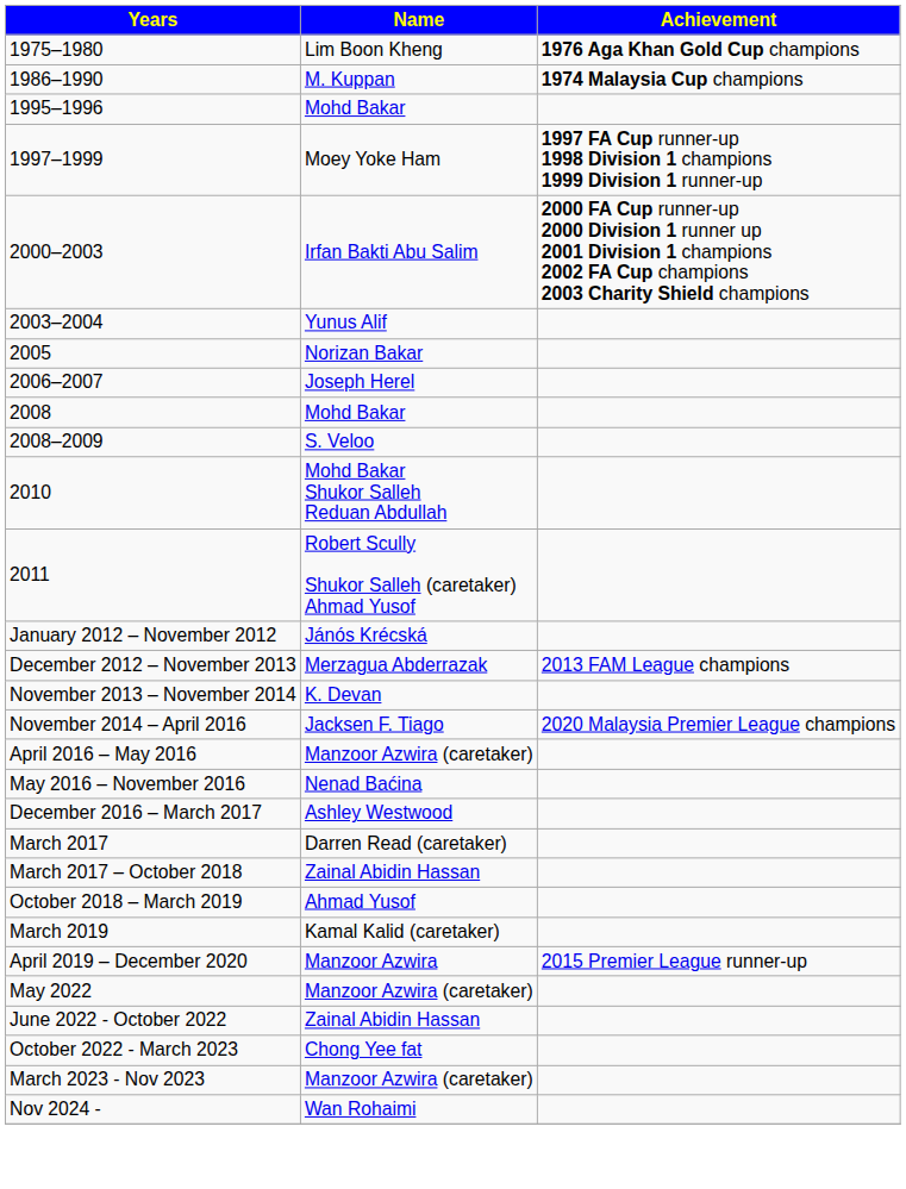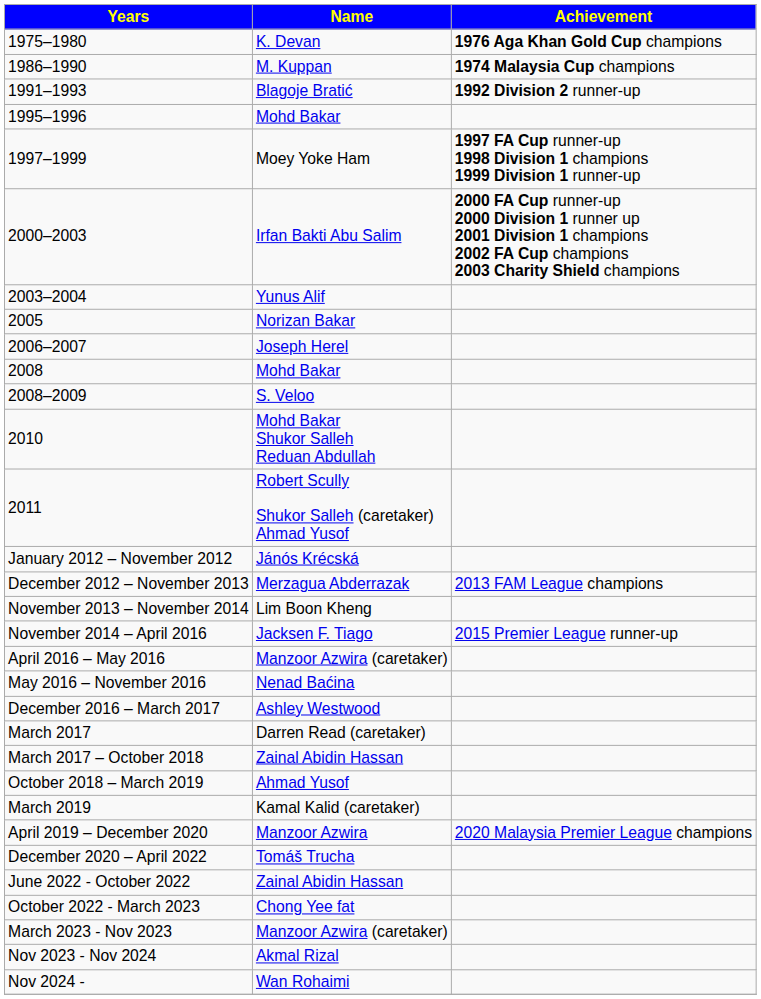 <table class="wikitable">
 <tr>
 <th style="background:blue; color:yellow; text-align:center;">Years</th>
 <th style="background:blue; color:yellow; text-align:center;">Name</th>
 <th style="background:blue; color:yellow; text-align:center;">Achievement</th>
 </tr>
 <tr>
 <td>1975–1980</td>
-<td> Lim Boon Kheng</td>
+<td> <a href='#'>K. Devan</a></td>
 <td><strong>1976 Aga Khan Gold Cup</strong> champions</td>
 </tr>
 <tr>
 <td>1986–1990</td>
 <td> <a href='#'>M. Kuppan</a></td>
 <td><strong>1974 Malaysia Cup</strong> champions</td>
+</tr>
+<tr>
+<td>1991–1993</td>
+<td> <a href='#'>Blagoje Bratić</a></td>
+<td><strong>1992 Division 2</strong> runner-up</td>
 </tr>
 <tr>
 <td>1995–1996</td>
 <td> <a href='#'>Mohd Bakar</a></td>
 <td></td>
 </tr>
 <tr>
 <td>1997–1999</td>
 <td>  Moey Yoke Ham</td>
 <td><strong>1997 FA Cup</strong> runner-up <br> <strong>1998 Division 1</strong> champions <br> <strong>1999 Division 1</strong> runner-up</td>
 </tr>
 <tr>
 <td>2000–2003</td>
 <td> <a href='#'>Irfan Bakti Abu Salim</a></td>
 <td><strong>2000 FA Cup</strong> runner-up <br> <strong>2000 Division 1</strong> runner up <br> <strong>2001 Division 1</strong> champions <br> <strong>2002 FA Cup</strong> champions <br> <strong>2003 Charity Shield</strong> champions</td>
 </tr>
 <tr>
 <td>2003–2004</td>
 <td> <a href='#'>Yunus Alif</a></td>
 <td></td>
 </tr>
 <tr>
 <td>2005</td>
 <td> <a href='#'>Norizan Bakar</a></td>
 <td></td>
 </tr>
 <tr>
 <td>2006–2007</td>
 <td> <a href='#'>Joseph Herel</a></td>
 <td></td>
 </tr>
 <tr>
 <td>2008</td>
 <td> <a href='#'>Mohd Bakar</a></td>
 <td></td>
 </tr>
 <tr>
 <td>2008–2009</td>
 <td> <a href='#'>S. Veloo</a></td>
 <td></td>
 </tr>
 <tr>
 <td>2010</td>
 <td> <a href='#'>Mohd Bakar</a> <br>  <a href='#'>Shukor Salleh</a> <br> <a href='#'>Reduan Abdullah</a></td>
 <td></td>
 </tr>
 <tr>
 <td>2011</td>
 <td> <a href='#'>Robert Scully</a> <br><br> <a href='#'>Shukor Salleh</a> (caretaker) <br>  <a href='#'>Ahmad Yusof</a></td>
 <td></td>
 </tr>
 <tr>
 <td>January 2012 – November 2012</td>
 <td> <a href='#'>Jánós Krécská</a></td>
 <td></td>
 </tr>
 <tr>
 <td>December 2012 – November 2013</td>
 <td> <a href='#'>Merzagua Abderrazak</a></td>
 <td><a href='#'>2013 FAM League</a> champions</td>
 </tr>
 <tr>
 <td>November 2013 – November 2014</td>
-<td> <a href='#'>K. Devan</a></td>
+<td> Lim Boon Kheng</td>
 <td></td>
 </tr>
 <tr>
 <td>November 2014 – April 2016</td>
 <td> <a href='#'>Jacksen F. Tiago</a></td>
-<td><a href='#'>2020 Malaysia Premier League</a> champions</td>
+<td><a href='#'>2015 Premier League</a> runner-up</td>
 </tr>
 <tr>
 <td>April 2016 – May 2016</td>
 <td>  <a href='#'>Manzoor Azwira</a>  (caretaker)</td>
 <td></td>
 </tr>
 <tr>
 <td>May 2016 – November 2016</td>
 <td> <a href='#'>Nenad Baćina</a></td>
 <td></td>
 </tr>
 <tr>
 <td>December 2016 – March 2017</td>
 <td> <a href='#'>Ashley Westwood</a></td>
 <td></td>
 </tr>
 <tr>
 <td>March 2017</td>
 <td> Darren Read (caretaker)</td>
 <td></td>
 </tr>
 <tr>
 <td>March 2017 – October 2018</td>
 <td> <a href='#'>Zainal Abidin Hassan</a></td>
 <td></td>
 </tr>
 <tr>
 <td>October 2018 – March 2019</td>
 <td> <a href='#'>Ahmad Yusof</a></td>
 <td></td>
 </tr>
 <tr>
 <td>March 2019</td>
 <td> Kamal Kalid (caretaker)</td>
 <td></td>
 </tr>
 <tr>
 <td>April 2019 – December 2020</td>
 <td>  <a href='#'>Manzoor Azwira</a></td>
-<td><a href='#'>2015 Premier League</a> runner-up</td>
+<td><a href='#'>2020 Malaysia Premier League</a> champions</td>
 </tr>
 <tr>
-<td>May 2022</td>
-<td>  <a href='#'>Manzoor Azwira</a>  (caretaker)</td>
+<td>December 2020 – April 2022</td>
+<td>  <a href='#'>Tomáš Trucha</a></td>
 <td></td>
 </tr>
 <tr>
 <td>June 2022 - October 2022</td>
 <td>  <a href='#'>Zainal Abidin Hassan</a></td>
 <td></td>
 </tr>
 <tr>
 <td>October 2022 - March 2023</td>
 <td>  <a href='#'>Chong Yee fat</a></td>
 <td></td>
 </tr>
 <tr>
 <td>March 2023 - Nov 2023</td>
 <td>  <a href='#'>Manzoor Azwira</a>  (caretaker)</td>
 <td></td>
 </tr>
 <tr>
+<td>Nov 2023 - Nov 2024</td>
+<td>  <a href='#'>Akmal Rizal</a></td>
+<td></td>
+</tr>
+<tr>
 <td>Nov 2024 -</td>
 <td>  <a href='#'>Wan Rohaimi</a></td>
 <td></td>
 </tr>
 <tr>
 </tr>
 </table>
